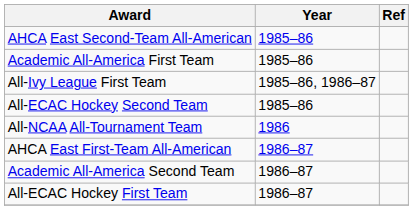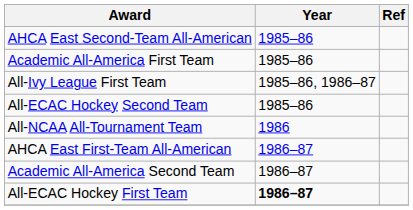 <table class="wikitable">
 <tr>
 <th>Award</th>
 <th>Year</th>
 <th>Ref</th>
 </tr>
 <tr>
 <td><a href='#'>AHCA</a> <a href='#'>East Second-Team All-American</a></td>
 <td><a href='#'>1985–86</a></td>
 <td></td>
 </tr>
 <tr>
 <td><a href='#'>Academic All-America</a> First Team</td>
 <td>1985–86</td>
 <td></td>
 </tr>
 <tr>
 <td>All-<a href='#'>Ivy League</a> First Team</td>
 <td>1985–86, 1986–87</td>
 <td></td>
 </tr>
 <tr>
 <td>All-<a href='#'>ECAC Hockey</a> <a href='#'>Second Team</a></td>
 <td>1985–86</td>
 <td></td>
 </tr>
 <tr>
 <td>All-<a href='#'>NCAA</a> <a href='#'>All-Tournament Team</a></td>
 <td><a href='#'>1986</a></td>
 <td></td>
 </tr>
 <tr>
 <td>AHCA <a href='#'>East First-Team All-American</a></td>
 <td><a href='#'>1986–87</a></td>
 <td></td>
 </tr>
 <tr>
 <td><a href='#'>Academic All-America</a> Second Team</td>
 <td>1986–87</td>
 <td></td>
 </tr>
 <tr>
 <td>All-ECAC Hockey <a href='#'>First Team</a></td>
-<td>1986–87</td>
+<td><strong>1986–87</strong></td>
 <td></td>
 </tr>
 <tr>
 </tr>
 </table>
